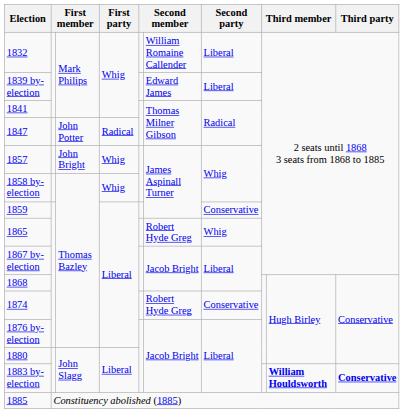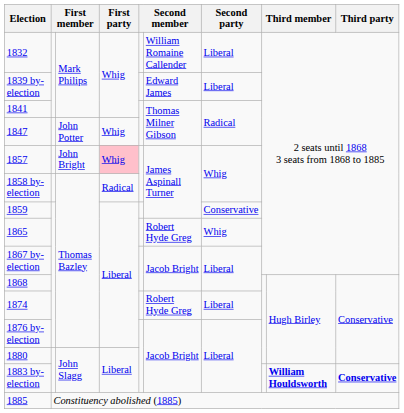 <table class="wikitable">
 <tr>
 <th>Election</th>
 <th colspan="2">First member</th>
 <th>First party</th>
 <th colspan="2">Second member</th>
 <th>Second party</th>
 <th colspan="2">Third member</th>
 <th>Third party</th>
 </tr>
 <tr>
 <td><a href='#'>1832</a></td>
 <td rowspan="3" style="color:inherit;background-color: "></td>
 <td rowspan="3"><a href='#'>Mark Philips</a></td>
 <td rowspan="3"><a href='#'>Whig</a></td>
 <td style="color:inherit;background-color: "></td>
 <td><a href='#'>William Romaine Callender</a></td>
 <td><a href='#'>Liberal</a></td>
 <td colspan="4" rowspan="9" align="center">2 seats until <a href='#'>1868</a><br>3 seats from 1868 to 1885</td>
 </tr>
 <tr>
 <td><a href='#'>1839 by-election</a></td>
 <td style="color:inherit;background-color: "></td>
 <td><a href='#'>Edward James</a></td>
 <td><a href='#'>Liberal</a></td>
 </tr>
 <tr>
 <td><a href='#'>1841</a></td>
 <td rowspan="2" style="color:inherit;background-color: "></td>
 <td rowspan="2"><a href='#'>Thomas Milner Gibson</a></td>
 <td rowspan="2"><a href='#'>Radical</a></td>
 </tr>
 <tr>
 <td><a href='#'>1847</a></td>
 <td style="color:inherit;background-color: "></td>
 <td><a href='#'>John Potter</a></td>
-<td><a href='#'>Radical</a></td>
+<td><a href='#'>Whig</a></td>
 </tr>
 <tr>
 <td><a href='#'>1857</a></td>
 <td style="color:inherit;background-color: "></td>
 <td><a href='#'>John Bright</a></td>
-<td><a href='#'>Whig</a></td>
+<td style="background: pink;"><a href='#'>Whig</a></td>
 <td rowspan="2" style="color:inherit;background-color: "></td>
 <td rowspan="3"><a href='#'>James Aspinall Turner</a></td>
 <td rowspan="2"><a href='#'>Whig</a></td>
 </tr>
 <tr>
 <td><a href='#'>1858 by-election</a></td>
 <td style="color:inherit;background-color: "></td>
 <td rowspan="7"><a href='#'>Thomas Bazley</a></td>
-<td><a href='#'>Whig</a></td>
+<td><a href='#'>Radical</a></td>
 </tr>
 <tr>
 <td><a href='#'>1859</a></td>
 <td rowspan="6" style="color:inherit;background-color: "></td>
 <td rowspan="6"><a href='#'>Liberal</a></td>
 <td style="color:inherit;background-color: "></td>
 <td><a href='#'>Conservative</a></td>
 </tr>
 <tr>
 <td><a href='#'>1865</a></td>
 <td style="color:inherit;background-color: "></td>
 <td><a href='#'>Robert Hyde Greg</a></td>
 <td><a href='#'>Whig</a></td>
 </tr>
 <tr>
 <td><a href='#'>1867 by-election</a></td>
 <td rowspan="2" style="color:inherit;background-color: "></td>
 <td rowspan="2"><a href='#'>Jacob Bright</a></td>
 <td rowspan="2"><a href='#'>Liberal</a></td>
 </tr>
 <tr>
 <td><a href='#'>1868</a></td>
 <td rowspan="4" style="color:inherit;background-color: "></td>
 <td rowspan="4"><a href='#'>Hugh Birley</a></td>
 <td rowspan="4"><a href='#'>Conservative</a></td>
 </tr>
 <tr>
 <td><a href='#'>1874</a></td>
 <td style="color:inherit;background-color: "></td>
 <td><a href='#'>Robert Hyde Greg</a></td>
-<td><a href='#'>Conservative</a></td>
+<td><a href='#'>Liberal</a></td>
 </tr>
 <tr>
 <td><a href='#'>1876 by-election</a></td>
 <td rowspan="3" style="color:inherit;background-color: "></td>
 <td rowspan="3"><a href='#'>Jacob Bright</a></td>
 <td rowspan="3"><a href='#'>Liberal</a></td>
 </tr>
 <tr>
 <td><a href='#'>1880</a></td>
 <td rowspan="2" style="color:inherit;background-color: "></td>
 <td rowspan="2"><a href='#'>John Slagg</a></td>
 <td rowspan="2"><a href='#'>Liberal</a></td>
 </tr>
 <tr>
 <td><a href='#'>1883 by-election</a></td>
 <td style="color:inherit;background-color: "></td>
 <td><strong><a href='#'>William Houldsworth</a></strong></td>
 <td><strong><a href='#'>Conservative</a></strong></td>
 </tr>
 <tr>
 <td><a href='#'>1885</a></td>
 <td colspan="9"><em>Constituency abolished</em> (<a href='#'>1885</a>)</td>
 </tr>
 </table>
